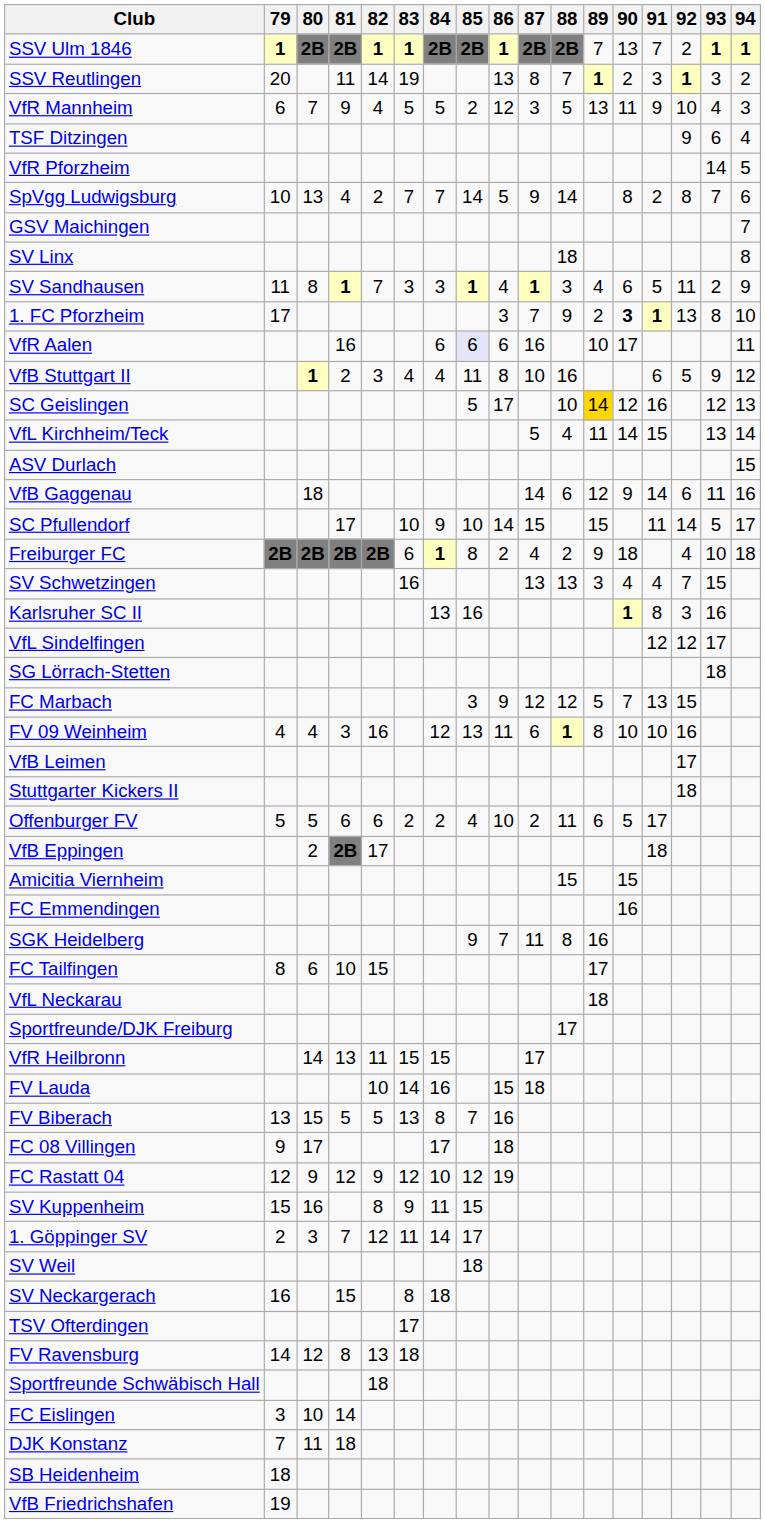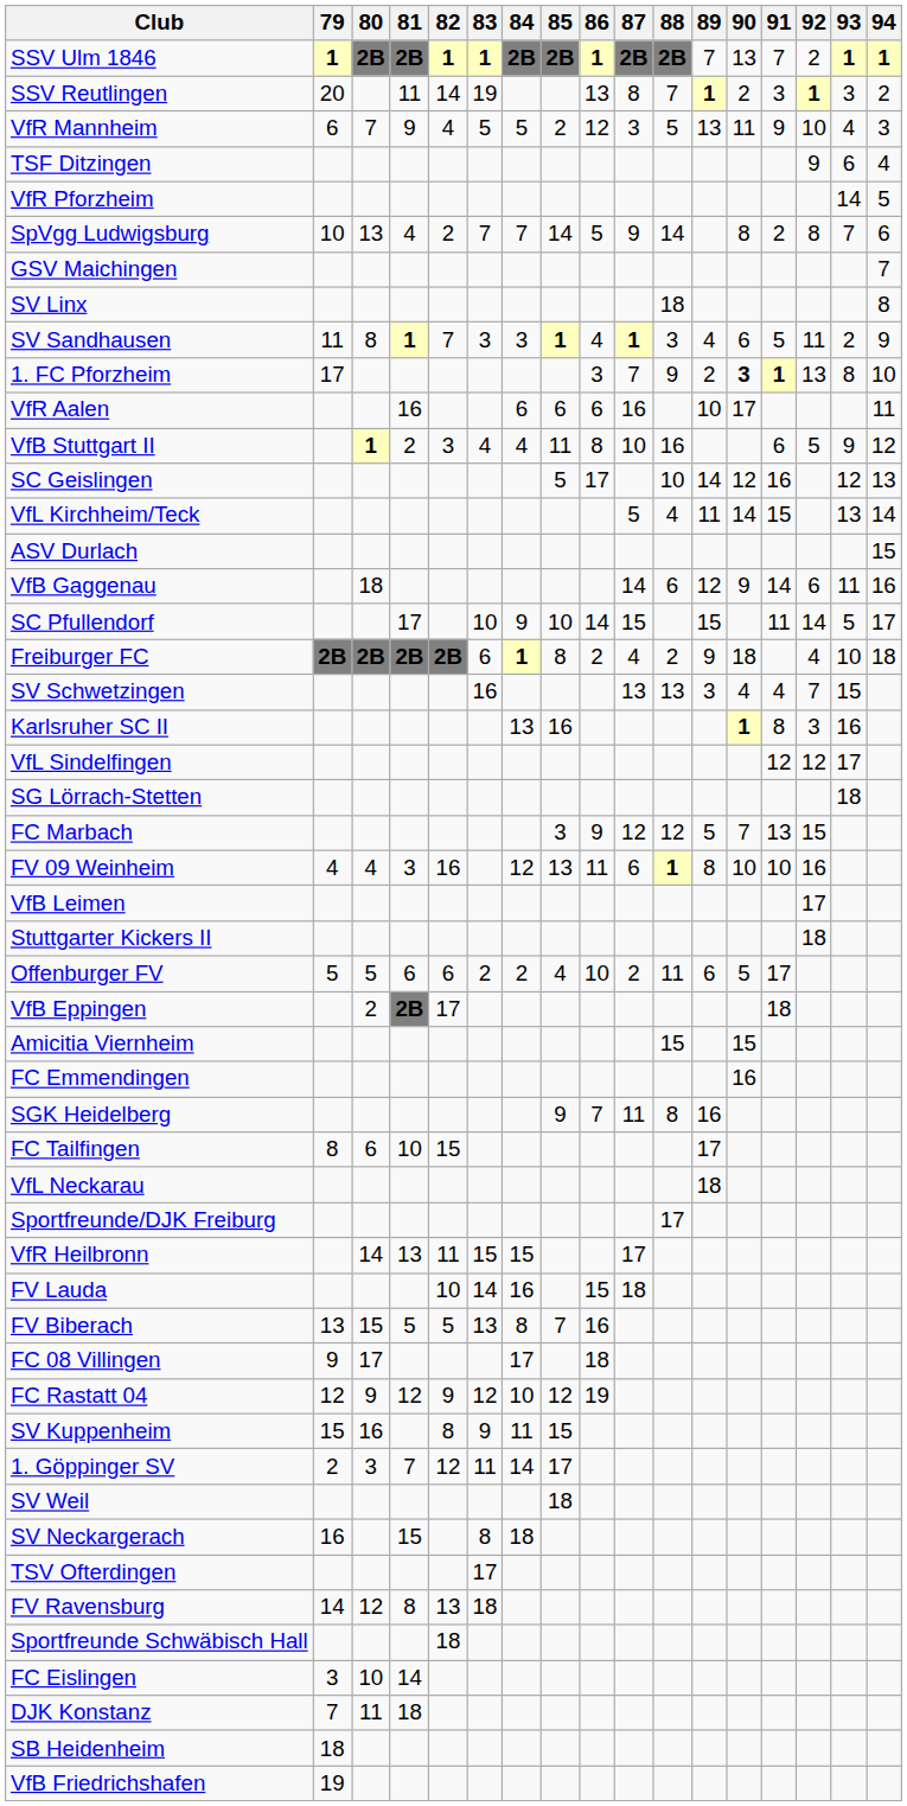 <table class="wikitable sortable">
 <tr>
 <th>Club</th>
 <th class="unsortable">79</th>
 <th class="unsortable">80</th>
 <th class="unsortable">81</th>
 <th class="unsortable">82</th>
 <th class="unsortable">83</th>
 <th class="unsortable">84</th>
 <th class="unsortable">85</th>
 <th class="unsortable">86</th>
 <th class="unsortable">87</th>
 <th class="unsortable">88</th>
 <th class="unsortable">89</th>
 <th class="unsortable">90</th>
 <th class="unsortable">91</th>
 <th class="unsortable">92</th>
 <th class="unsortable">93</th>
 <th class="unsortable">94</th>
 </tr>
 <tr align="center">
 <td align="left"><a href='#'>SSV Ulm 1846</a></td>
 <td style="background:#ffffbf"><strong>1</strong></td>
 <td style="background:#808080"><strong>2B</strong></td>
 <td style="background:#808080"><strong>2B</strong></td>
 <td style="background:#ffffbf"><strong>1</strong></td>
 <td style="background:#ffffbf"><strong>1</strong></td>
 <td style="background:#808080"><strong>2B</strong></td>
 <td style="background:#808080"><strong>2B</strong></td>
 <td style="background:#ffffbf"><strong>1</strong></td>
 <td style="background:#808080"><strong>2B</strong></td>
 <td style="background:#808080"><strong>2B</strong></td>
 <td>7</td>
 <td>13</td>
 <td>7</td>
 <td>2</td>
 <td style="background:#ffffbf"><strong>1</strong></td>
 <td style="background:#ffffbf"><strong>1</strong></td>
 </tr>
 <tr align="center">
 <td align="left"><a href='#'>SSV Reutlingen</a></td>
 <td>20</td>
 <td></td>
 <td>11</td>
 <td>14</td>
 <td>19</td>
 <td></td>
 <td></td>
 <td>13</td>
 <td>8</td>
 <td>7</td>
 <td style="background:#ffffbf"><strong>1</strong></td>
 <td>2</td>
 <td>3</td>
 <td style="background:#ffffbf"><strong>1</strong></td>
 <td>3</td>
 <td>2</td>
 </tr>
 <tr align="center">
 <td align="left"><a href='#'>VfR Mannheim</a></td>
 <td>6</td>
 <td>7</td>
 <td>9</td>
 <td>4</td>
 <td>5</td>
 <td>5</td>
 <td>2</td>
 <td>12</td>
 <td>3</td>
 <td>5</td>
 <td>13</td>
 <td>11</td>
 <td>9</td>
 <td>10</td>
 <td>4</td>
 <td>3</td>
 </tr>
 <tr align="center">
 <td align="left"><a href='#'>TSF Ditzingen</a></td>
 <td></td>
 <td></td>
 <td></td>
 <td></td>
 <td></td>
 <td></td>
 <td></td>
 <td></td>
 <td></td>
 <td></td>
 <td></td>
 <td></td>
 <td></td>
 <td>9</td>
 <td>6</td>
 <td>4</td>
 </tr>
 <tr align="center">
 <td align="left"><a href='#'>VfR Pforzheim</a></td>
 <td></td>
 <td></td>
 <td></td>
 <td></td>
 <td></td>
 <td></td>
 <td></td>
 <td></td>
 <td></td>
 <td></td>
 <td></td>
 <td></td>
 <td></td>
 <td></td>
 <td>14</td>
 <td>5</td>
 </tr>
 <tr align="center">
 <td align="left"><a href='#'>SpVgg Ludwigsburg</a></td>
 <td>10</td>
 <td>13</td>
 <td>4</td>
 <td>2</td>
 <td>7</td>
 <td>7</td>
 <td>14</td>
 <td>5</td>
 <td>9</td>
 <td>14</td>
 <td></td>
 <td>8</td>
 <td>2</td>
 <td>8</td>
 <td>7</td>
 <td>6</td>
 </tr>
 <tr align="center">
 <td align="left"><a href='#'>GSV Maichingen</a></td>
 <td></td>
 <td></td>
 <td></td>
 <td></td>
 <td></td>
 <td></td>
 <td></td>
 <td></td>
 <td></td>
 <td></td>
 <td></td>
 <td></td>
 <td></td>
 <td></td>
 <td></td>
 <td>7</td>
 </tr>
 <tr align="center">
 <td align="left"><a href='#'>SV Linx</a></td>
 <td></td>
 <td></td>
 <td></td>
 <td></td>
 <td></td>
 <td></td>
 <td></td>
 <td></td>
 <td></td>
 <td>18</td>
 <td></td>
 <td></td>
 <td></td>
 <td></td>
 <td></td>
 <td>8</td>
 </tr>
 <tr align="center">
 <td align="left"><a href='#'>SV Sandhausen</a></td>
 <td>11</td>
 <td>8</td>
 <td style="background:#ffffbf"><strong>1</strong></td>
 <td>7</td>
 <td>3</td>
 <td>3</td>
 <td style="background:#ffffbf"><strong>1</strong></td>
 <td>4</td>
 <td style="background:#ffffbf"><strong>1</strong></td>
 <td>3</td>
 <td>4</td>
 <td>6</td>
 <td>5</td>
 <td>11</td>
 <td>2</td>
 <td>9</td>
 </tr>
 <tr align="center">
 <td align="left"><a href='#'>1. FC Pforzheim</a></td>
 <td>17</td>
 <td></td>
 <td></td>
 <td></td>
 <td></td>
 <td></td>
 <td></td>
 <td>3</td>
 <td>7</td>
 <td>9</td>
 <td>2</td>
 <td><strong>3</strong></td>
 <td style="background:#ffffbf"><strong>1</strong></td>
 <td>13</td>
 <td>8</td>
 <td>10</td>
 </tr>
 <tr align="center">
 <td align="left"><a href='#'>VfR Aalen</a></td>
 <td></td>
 <td></td>
 <td>16</td>
 <td></td>
 <td></td>
 <td>6</td>
-<td style="background: lavender;">6</td>
+<td>6</td>
 <td>6</td>
 <td>16</td>
 <td></td>
 <td>10</td>
 <td>17</td>
 <td></td>
 <td></td>
 <td></td>
 <td>11</td>
 </tr>
 <tr align="center">
 <td align="left"><a href='#'>VfB Stuttgart II</a></td>
 <td></td>
 <td style="background:#ffffbf"><strong>1</strong></td>
 <td>2</td>
 <td>3</td>
 <td>4</td>
 <td>4</td>
 <td>11</td>
 <td>8</td>
 <td>10</td>
 <td>16</td>
 <td></td>
 <td></td>
 <td>6</td>
 <td>5</td>
 <td>9</td>
 <td>12</td>
 </tr>
 <tr align="center">
 <td align="left"><a href='#'>SC Geislingen</a></td>
 <td></td>
 <td></td>
 <td></td>
 <td></td>
 <td></td>
 <td></td>
 <td>5</td>
 <td>17</td>
 <td></td>
 <td>10</td>
-<td style="background: gold;">14</td>
+<td>14</td>
 <td>12</td>
 <td>16</td>
 <td></td>
 <td>12</td>
 <td>13</td>
 </tr>
 <tr align="center">
 <td align="left"><a href='#'>VfL Kirchheim/Teck</a></td>
 <td></td>
 <td></td>
 <td></td>
 <td></td>
 <td></td>
 <td></td>
 <td></td>
 <td></td>
 <td>5</td>
 <td>4</td>
 <td>11</td>
 <td>14</td>
 <td>15</td>
 <td></td>
 <td>13</td>
 <td>14</td>
 </tr>
 <tr align="center">
 <td align="left"><a href='#'>ASV Durlach</a></td>
 <td></td>
 <td></td>
 <td></td>
 <td></td>
 <td></td>
 <td></td>
 <td></td>
 <td></td>
 <td></td>
 <td></td>
 <td></td>
 <td></td>
 <td></td>
 <td></td>
 <td></td>
 <td>15</td>
 </tr>
 <tr align="center">
 <td align="left"><a href='#'>VfB Gaggenau</a></td>
 <td></td>
 <td>18</td>
 <td></td>
 <td></td>
 <td></td>
 <td></td>
 <td></td>
 <td></td>
 <td>14</td>
 <td>6</td>
 <td>12</td>
 <td>9</td>
 <td>14</td>
 <td>6</td>
 <td>11</td>
 <td>16</td>
 </tr>
 <tr align="center">
 <td align="left"><a href='#'>SC Pfullendorf</a></td>
 <td></td>
 <td></td>
 <td>17</td>
 <td></td>
 <td>10</td>
 <td>9</td>
 <td>10</td>
 <td>14</td>
 <td>15</td>
 <td></td>
 <td>15</td>
 <td></td>
 <td>11</td>
 <td>14</td>
 <td>5</td>
 <td>17</td>
 </tr>
 <tr align="center">
 <td align="left"><a href='#'>Freiburger FC</a></td>
 <td style="background:#808080"><strong>2B</strong></td>
 <td style="background:#808080"><strong>2B</strong></td>
 <td style="background:#808080"><strong>2B</strong></td>
 <td style="background:#808080"><strong>2B</strong></td>
 <td>6</td>
 <td style="background:#ffffbf"><strong>1</strong></td>
 <td>8</td>
 <td>2</td>
 <td>4</td>
 <td>2</td>
 <td>9</td>
 <td>18</td>
 <td></td>
 <td>4</td>
 <td>10</td>
 <td>18</td>
 </tr>
 <tr align="center">
 <td align="left"><a href='#'>SV Schwetzingen</a></td>
 <td></td>
 <td></td>
 <td></td>
 <td></td>
 <td>16</td>
 <td></td>
 <td></td>
 <td></td>
 <td>13</td>
 <td>13</td>
 <td>3</td>
 <td>4</td>
 <td>4</td>
 <td>7</td>
 <td>15</td>
 <td></td>
 </tr>
 <tr align="center">
 <td align="left"><a href='#'>Karlsruher SC II</a></td>
 <td></td>
 <td></td>
 <td></td>
 <td></td>
 <td></td>
 <td>13</td>
 <td>16</td>
 <td></td>
 <td></td>
 <td></td>
 <td></td>
 <td style="background:#ffffbf"><strong>1</strong></td>
 <td>8</td>
 <td>3</td>
 <td>16</td>
 <td></td>
 </tr>
 <tr align="center">
 <td align="left"><a href='#'>VfL Sindelfingen</a></td>
 <td></td>
 <td></td>
 <td></td>
 <td></td>
 <td></td>
 <td></td>
 <td></td>
 <td></td>
 <td></td>
 <td></td>
 <td></td>
 <td></td>
 <td>12</td>
 <td>12</td>
 <td>17</td>
 <td></td>
 </tr>
 <tr align="center">
 <td align="left"><a href='#'>SG Lörrach-Stetten</a></td>
 <td></td>
 <td></td>
 <td></td>
 <td></td>
 <td></td>
 <td></td>
 <td></td>
 <td></td>
 <td></td>
 <td></td>
 <td></td>
 <td></td>
 <td></td>
 <td></td>
 <td>18</td>
 <td></td>
 </tr>
 <tr align="center">
 <td align="left"><a href='#'>FC Marbach</a></td>
 <td></td>
 <td></td>
 <td></td>
 <td></td>
 <td></td>
 <td></td>
 <td>3</td>
 <td>9</td>
 <td>12</td>
 <td>12</td>
 <td>5</td>
 <td>7</td>
 <td>13</td>
 <td>15</td>
 <td></td>
 <td></td>
 </tr>
 <tr align="center">
 <td align="left"><a href='#'>FV 09 Weinheim</a></td>
 <td>4</td>
 <td>4</td>
 <td>3</td>
 <td>16</td>
 <td></td>
 <td>12</td>
 <td>13</td>
 <td>11</td>
 <td>6</td>
 <td style="background:#ffffbf"><strong>1</strong></td>
 <td>8</td>
 <td>10</td>
 <td>10</td>
 <td>16</td>
 <td></td>
 <td></td>
 </tr>
 <tr align="center">
 <td align="left"><a href='#'>VfB Leimen</a></td>
 <td></td>
 <td></td>
 <td></td>
 <td></td>
 <td></td>
 <td></td>
 <td></td>
 <td></td>
 <td></td>
 <td></td>
 <td></td>
 <td></td>
 <td></td>
 <td>17</td>
 <td></td>
 <td></td>
 </tr>
 <tr align="center">
 <td align="left"><a href='#'>Stuttgarter Kickers II</a></td>
 <td></td>
 <td></td>
 <td></td>
 <td></td>
 <td></td>
 <td></td>
 <td></td>
 <td></td>
 <td></td>
 <td></td>
 <td></td>
 <td></td>
 <td></td>
 <td>18</td>
 <td></td>
 <td></td>
 </tr>
 <tr align="center">
 <td align="left"><a href='#'>Offenburger FV</a></td>
 <td>5</td>
 <td>5</td>
 <td>6</td>
 <td>6</td>
 <td>2</td>
 <td>2</td>
 <td>4</td>
 <td>10</td>
 <td>2</td>
 <td>11</td>
 <td>6</td>
 <td>5</td>
 <td>17</td>
 <td></td>
 <td></td>
 <td></td>
 </tr>
 <tr align="center">
 <td align="left"><a href='#'>VfB Eppingen</a></td>
 <td></td>
 <td>2</td>
 <td style="background:#808080"><strong>2B</strong></td>
 <td>17</td>
 <td></td>
 <td></td>
 <td></td>
 <td></td>
 <td></td>
 <td></td>
 <td></td>
 <td></td>
 <td>18</td>
 <td></td>
 <td></td>
 <td></td>
 </tr>
 <tr align="center">
 <td align="left"><a href='#'>Amicitia Viernheim</a></td>
 <td></td>
 <td></td>
 <td></td>
 <td></td>
 <td></td>
 <td></td>
 <td></td>
 <td></td>
 <td></td>
 <td>15</td>
 <td></td>
 <td>15</td>
 <td></td>
 <td></td>
 <td></td>
 <td></td>
 </tr>
 <tr align="center">
 <td align="left"><a href='#'>FC Emmendingen</a></td>
 <td></td>
 <td></td>
 <td></td>
 <td></td>
 <td></td>
 <td></td>
 <td></td>
 <td></td>
 <td></td>
 <td></td>
 <td></td>
 <td>16</td>
 <td></td>
 <td></td>
 <td></td>
 <td></td>
 </tr>
 <tr align="center">
 <td align="left"><a href='#'>SGK Heidelberg</a></td>
 <td></td>
 <td></td>
 <td></td>
 <td></td>
 <td></td>
 <td></td>
 <td>9</td>
 <td>7</td>
 <td>11</td>
 <td>8</td>
 <td>16</td>
 <td></td>
 <td></td>
 <td></td>
 <td></td>
 <td></td>
 </tr>
 <tr align="center">
 <td align="left"><a href='#'>FC Tailfingen</a></td>
 <td>8</td>
 <td>6</td>
 <td>10</td>
 <td>15</td>
 <td></td>
 <td></td>
 <td></td>
 <td></td>
 <td></td>
 <td></td>
 <td>17</td>
 <td></td>
 <td></td>
 <td></td>
 <td></td>
 <td></td>
 </tr>
 <tr align="center">
 <td align="left"><a href='#'>VfL Neckarau</a></td>
 <td></td>
 <td></td>
 <td></td>
 <td></td>
 <td></td>
 <td></td>
 <td></td>
 <td></td>
 <td></td>
 <td></td>
 <td>18</td>
 <td></td>
 <td></td>
 <td></td>
 <td></td>
 <td></td>
 </tr>
 <tr align="center">
 <td align="left"><a href='#'>Sportfreunde/DJK Freiburg</a></td>
 <td></td>
 <td></td>
 <td></td>
 <td></td>
 <td></td>
 <td></td>
 <td></td>
 <td></td>
 <td></td>
 <td>17</td>
 <td></td>
 <td></td>
 <td></td>
 <td></td>
 <td></td>
 <td></td>
 </tr>
 <tr align="center">
 <td align="left"><a href='#'>VfR Heilbronn</a></td>
 <td></td>
 <td>14</td>
 <td>13</td>
 <td>11</td>
 <td>15</td>
 <td>15</td>
 <td></td>
 <td></td>
 <td>17</td>
 <td></td>
 <td></td>
 <td></td>
 <td></td>
 <td></td>
 <td></td>
 <td></td>
 </tr>
 <tr align="center">
 <td align="left"><a href='#'>FV Lauda</a></td>
 <td></td>
 <td></td>
 <td></td>
 <td>10</td>
 <td>14</td>
 <td>16</td>
 <td></td>
 <td>15</td>
 <td>18</td>
 <td></td>
 <td></td>
 <td></td>
 <td></td>
 <td></td>
 <td></td>
 <td></td>
 </tr>
 <tr align="center">
 <td align="left"><a href='#'>FV Biberach</a></td>
 <td>13</td>
 <td>15</td>
 <td>5</td>
 <td>5</td>
 <td>13</td>
 <td>8</td>
 <td>7</td>
 <td>16</td>
 <td></td>
 <td></td>
 <td></td>
 <td></td>
 <td></td>
 <td></td>
 <td></td>
 <td></td>
 </tr>
 <tr align="center">
 <td align="left"><a href='#'>FC 08 Villingen</a></td>
 <td>9</td>
 <td>17</td>
 <td></td>
 <td></td>
 <td></td>
 <td>17</td>
 <td></td>
 <td>18</td>
 <td></td>
 <td></td>
 <td></td>
 <td></td>
 <td></td>
 <td></td>
 <td></td>
 <td></td>
 </tr>
 <tr align="center">
 <td align="left"><a href='#'>FC Rastatt 04</a></td>
 <td>12</td>
 <td>9</td>
 <td>12</td>
 <td>9</td>
 <td>12</td>
 <td>10</td>
 <td>12</td>
 <td>19</td>
 <td></td>
 <td></td>
 <td></td>
 <td></td>
 <td></td>
 <td></td>
 <td></td>
 <td></td>
 </tr>
 <tr align="center">
 <td align="left"><a href='#'>SV Kuppenheim</a></td>
 <td>15</td>
 <td>16</td>
 <td></td>
 <td>8</td>
 <td>9</td>
 <td>11</td>
 <td>15</td>
 <td></td>
 <td></td>
 <td></td>
 <td></td>
 <td></td>
 <td></td>
 <td></td>
 <td></td>
 <td></td>
 </tr>
 <tr align="center">
 <td align="left"><a href='#'>1. Göppinger SV</a></td>
 <td>2</td>
 <td>3</td>
 <td>7</td>
 <td>12</td>
 <td>11</td>
 <td>14</td>
 <td>17</td>
 <td></td>
 <td></td>
 <td></td>
 <td></td>
 <td></td>
 <td></td>
 <td></td>
 <td></td>
 <td></td>
 </tr>
 <tr align="center">
 <td align="left"><a href='#'>SV Weil</a></td>
 <td></td>
 <td></td>
 <td></td>
 <td></td>
 <td></td>
 <td></td>
 <td>18</td>
 <td></td>
 <td></td>
 <td></td>
 <td></td>
 <td></td>
 <td></td>
 <td></td>
 <td></td>
 <td></td>
 </tr>
 <tr align="center">
 <td align="left"><a href='#'>SV Neckargerach</a></td>
 <td>16</td>
 <td></td>
 <td>15</td>
 <td></td>
 <td>8</td>
 <td>18</td>
 <td></td>
 <td></td>
 <td></td>
 <td></td>
 <td></td>
 <td></td>
 <td></td>
 <td></td>
 <td></td>
 <td></td>
 </tr>
 <tr align="center">
 <td align="left"><a href='#'>TSV Ofterdingen</a></td>
 <td></td>
 <td></td>
 <td></td>
 <td></td>
 <td>17</td>
 <td></td>
 <td></td>
 <td></td>
 <td></td>
 <td></td>
 <td></td>
 <td></td>
 <td></td>
 <td></td>
 <td></td>
 <td></td>
 </tr>
 <tr align="center">
 <td align="left"><a href='#'>FV Ravensburg</a></td>
 <td>14</td>
 <td>12</td>
 <td>8</td>
 <td>13</td>
 <td>18</td>
 <td></td>
 <td></td>
 <td></td>
 <td></td>
 <td></td>
 <td></td>
 <td></td>
 <td></td>
 <td></td>
 <td></td>
 <td></td>
 </tr>
 <tr align="center">
 <td align="left"><a href='#'>Sportfreunde Schwäbisch Hall</a></td>
 <td></td>
 <td></td>
 <td></td>
 <td>18</td>
 <td></td>
 <td></td>
 <td></td>
 <td></td>
 <td></td>
 <td></td>
 <td></td>
 <td></td>
 <td></td>
 <td></td>
 <td></td>
 <td></td>
 </tr>
 <tr align="center">
 <td align="left"><a href='#'>FC Eislingen</a></td>
 <td>3</td>
 <td>10</td>
 <td>14</td>
 <td></td>
 <td></td>
 <td></td>
 <td></td>
 <td></td>
 <td></td>
 <td></td>
 <td></td>
 <td></td>
 <td></td>
 <td></td>
 <td></td>
 <td></td>
 </tr>
 <tr align="center">
 <td align="left"><a href='#'>DJK Konstanz</a></td>
 <td>7</td>
 <td>11</td>
 <td>18</td>
 <td></td>
 <td></td>
 <td></td>
 <td></td>
 <td></td>
 <td></td>
 <td></td>
 <td></td>
 <td></td>
 <td></td>
 <td></td>
 <td></td>
 <td></td>
 </tr>
 <tr align="center">
 <td align="left"><a href='#'>SB Heidenheim</a></td>
 <td>18</td>
 <td></td>
 <td></td>
 <td></td>
 <td></td>
 <td></td>
 <td></td>
 <td></td>
 <td></td>
 <td></td>
 <td></td>
 <td></td>
 <td></td>
 <td></td>
 <td></td>
 <td></td>
 </tr>
 <tr align="center">
 <td align="left"><a href='#'>VfB Friedrichshafen</a></td>
 <td>19</td>
 <td></td>
 <td></td>
 <td></td>
 <td></td>
 <td></td>
 <td></td>
 <td></td>
 <td></td>
 <td></td>
 <td></td>
 <td></td>
 <td></td>
 <td></td>
 <td></td>
 <td></td>
 </tr>
 </table>
